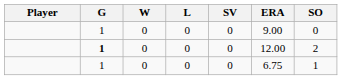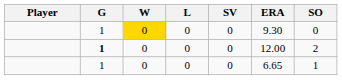 <table class="wikitable sortable">
 <tr>
 <th bgcolor="#DDDDFF" width="16%">Player</th>
 <th bgcolor="#DDDDFF" width="9%">G</th>
 <th bgcolor="#DDDDFF" width="9%">W</th>
 <th bgcolor="#DDDDFF" width="9%">L</th>
 <th bgcolor="#DDDDFF" width="9%">SV</th>
 <th bgcolor="#DDDDFF" width="9%">ERA</th>
 <th bgcolor="#DDDDFF" width="9%">SO</th>
 </tr>
 <tr align="center">
 <td></td>
 <td>1</td>
+<td style="background: gold;">0</td>
 <td>0</td>
 <td>0</td>
-<td>0</td>
-<td>9.00</td>
+<td>9.30</td>
 <td>0</td>
 </tr>
 <tr align="center">
 <td></td>
 <td><strong>1</strong></td>
 <td>0</td>
 <td>0</td>
 <td>0</td>
 <td>12.00</td>
 <td>2</td>
 </tr>
 <tr align="center">
 <td></td>
 <td>1</td>
 <td>0</td>
 <td>0</td>
 <td>0</td>
-<td>6.75</td>
+<td>6.65</td>
 <td>1</td>
 </tr>
 </table>
